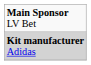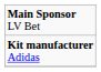 <table class="wikitable">
 <tr>
 <td><strong>Main Sponsor</strong><br> LV Bet</td>
 </tr>
 <tr>
-<td style="background: lightgrey;"><strong>Kit manufacturer</strong><br> <a href='#'>Adidas</a></td>
+<td><strong>Kit manufacturer</strong><br> <a href='#'>Adidas</a></td>
 </tr>
 <tr>
 </tr>
 </table>
